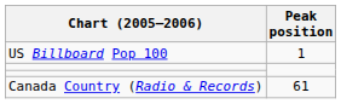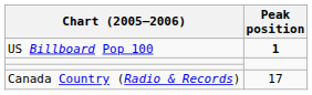 <table class="wikitable sortable">
 <tr>
 <th>Chart (2005–2006)</th>
 <th>Peak<br>position</th>
 </tr>
 <tr>
 <td>US <em><a href='#'>Billboard</a></em> <a href='#'>Pop 100</a></td>
-<td align="center">1</td>
+<td align="center"><strong>1</strong></td>
 </tr>
 <tr>
 <td></td>
 </tr>
 <tr>
 <td></td>
 </tr>
 <tr>
 <td align="left">Canada <a href='#'>Country</a> (<em><a href='#'>Radio & Records</a></em>)</td>
-<td align="center">61</td>
+<td align="center">17</td>
 </tr>
 </table>
